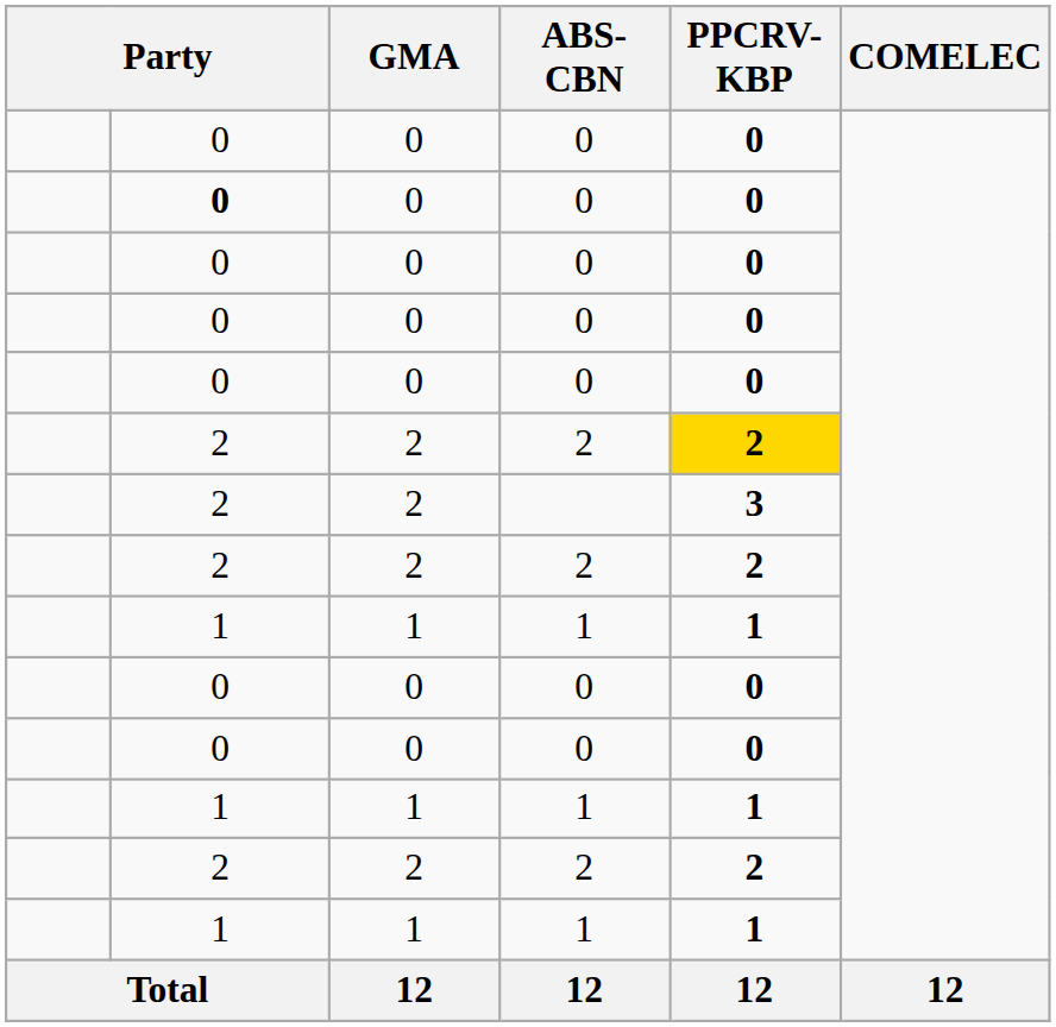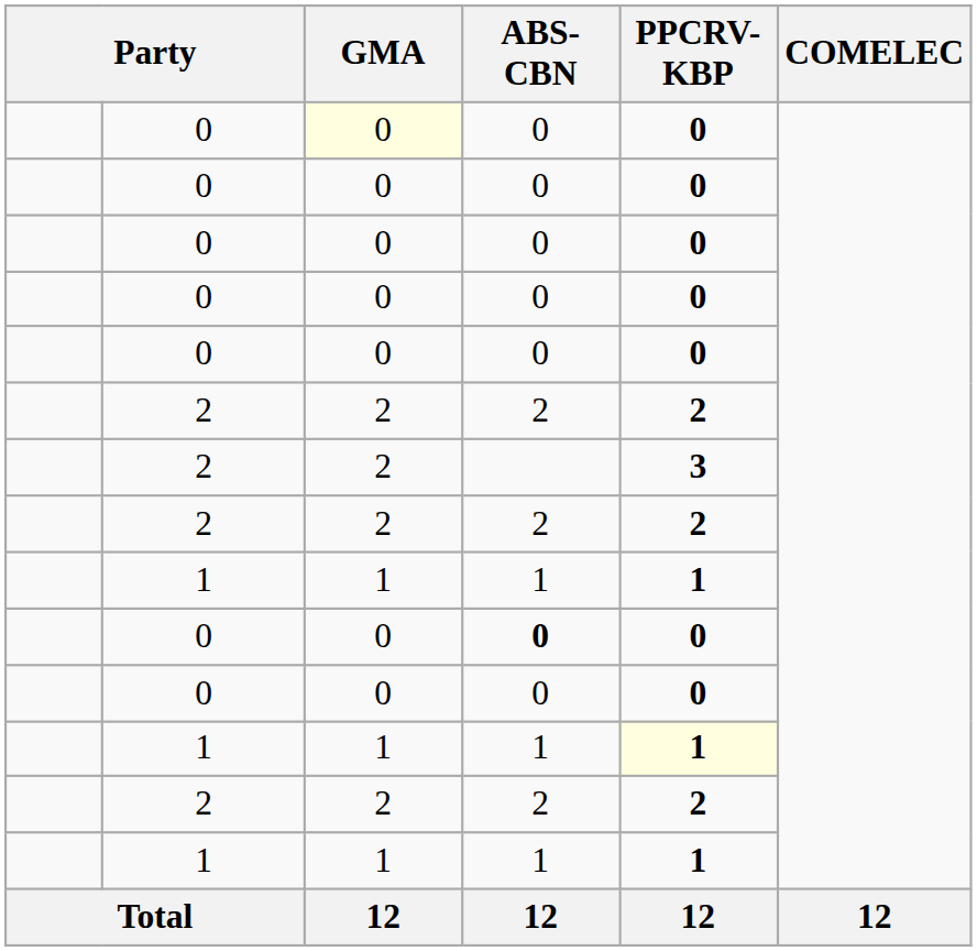 <table class=wikitable style="text-align:center; font-size:92%">
 <tr>
 <th width=120px colspan=2>Party</th>
 <th width=60px>GMA</th>
 <th width=60px>ABS-CBN</th>
 <th width=60px>PPCRV-KBP</th>
 <th width=60px>COMELEC</th>
 </tr>
 <tr>
 <td></td>
 <td>0</td>
-<td>0</td>
+<td style="background: lightyellow;">0</td>
 <td>0</td>
 <td><strong>0</strong></td>
 </tr>
 <tr>
 <td></td>
-<td><strong>0</strong></td>
+<td>0</td>
 <td>0</td>
 <td>0</td>
 <td><strong>0</strong></td>
 </tr>
 <tr>
 <td></td>
 <td>0</td>
 <td>0</td>
 <td>0</td>
 <td><strong>0</strong></td>
 </tr>
 <tr>
 <td></td>
 <td>0</td>
 <td>0</td>
 <td>0</td>
 <td><strong>0</strong></td>
 </tr>
 <tr>
 <td></td>
 <td>0</td>
 <td>0</td>
 <td>0</td>
 <td><strong>0</strong></td>
 </tr>
 <tr>
 <td></td>
 <td>2</td>
 <td>2</td>
 <td>2</td>
-<td style="background: gold;"><strong>2</strong></td>
+<td><strong>2</strong></td>
 </tr>
 <tr>
 <td></td>
 <td>2</td>
 <td>2</td>
 <td></td>
 <td><strong>3</strong></td>
 </tr>
 <tr>
 <td></td>
 <td>2</td>
 <td>2</td>
 <td>2</td>
 <td><strong>2</strong></td>
 </tr>
 <tr>
 <td></td>
 <td>1</td>
 <td>1</td>
 <td>1</td>
 <td><strong>1</strong></td>
 </tr>
 <tr>
 <td></td>
 <td>0</td>
 <td>0</td>
-<td>0</td>
+<td><strong>0</strong></td>
 <td><strong>0</strong></td>
 </tr>
 <tr>
 <td></td>
 <td>0</td>
 <td>0</td>
 <td>0</td>
 <td><strong>0</strong></td>
 </tr>
 <tr>
 <td></td>
 <td>1</td>
 <td>1</td>
 <td>1</td>
-<td><strong>1</strong></td>
+<td style="background: lightyellow;"><strong>1</strong></td>
 </tr>
 <tr>
 <td></td>
 <td>2</td>
 <td>2</td>
 <td>2</td>
 <td><strong>2</strong></td>
 </tr>
 <tr>
 <td></td>
 <td>1</td>
 <td>1</td>
 <td>1</td>
 <td><strong>1</strong></td>
 </tr>
 <tr>
 <th colspan=2>Total</th>
 <th>12</th>
 <th>12</th>
 <th>12</th>
 <th>12</th>
 </tr>
 </table>
